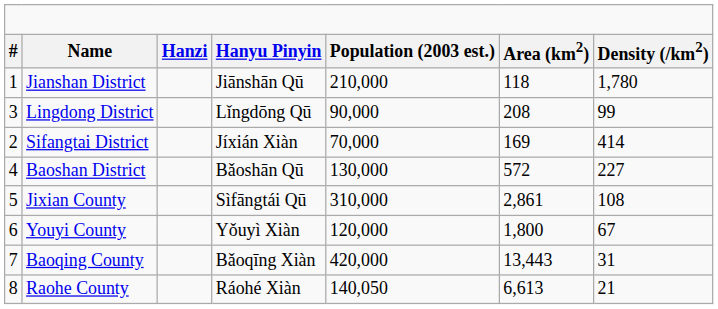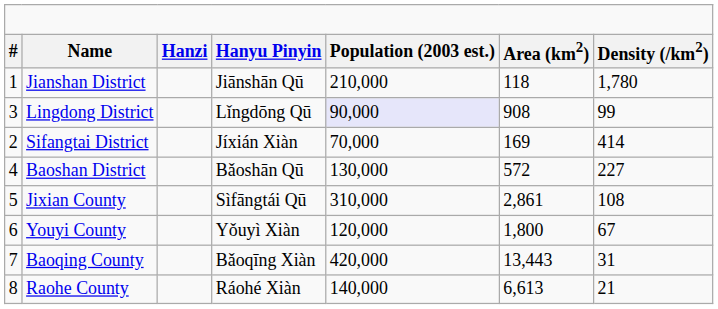 <table class="wikitable"  style="font-size:90%;" align=center>
 <tr>
 <td colspan="7" align="center"><div><br>           </div></td>
 </tr>
 <tr>
 <th>#</th>
 <th>Name</th>
 <th><a href='#'>Hanzi</a></th>
 <th><a href='#'>Hanyu Pinyin</a></th>
 <th>Population (2003 est.)</th>
 <th>Area (km<sup>2</sup>)</th>
 <th>Density (/km<sup>2</sup>)</th>
 </tr>
 <tr --------->
 <td>1</td>
 <td><a href='#'>Jianshan District</a></td>
 <td></td>
 <td>Jiānshān Qū</td>
 <td>210,000</td>
 <td>118</td>
 <td>1,780</td>
 </tr>
 <tr --------->
 <td>3</td>
 <td><a href='#'>Lingdong District</a></td>
 <td></td>
 <td>Lǐngdōng Qū</td>
-<td>90,000</td>
-<td>208</td>
+<td style="background: lavender;">90,000</td>
+<td>908</td>
 <td>99</td>
 </tr>
 <tr --------->
 <td>2</td>
 <td><a href='#'>Sifangtai District</a></td>
 <td></td>
 <td>Jíxián Xiàn</td>
 <td>70,000</td>
 <td>169</td>
 <td>414</td>
 </tr>
 <tr --------->
 <td>4</td>
 <td><a href='#'>Baoshan District</a></td>
 <td></td>
 <td>Bǎoshān Qū</td>
 <td>130,000</td>
 <td>572</td>
 <td>227</td>
 </tr>
 <tr --------->
 <td>5</td>
 <td><a href='#'>Jixian County</a></td>
 <td></td>
 <td>Sìfāngtái Qū</td>
 <td>310,000</td>
 <td>2,861</td>
 <td>108</td>
 </tr>
 <tr --------->
 <td>6</td>
 <td><a href='#'>Youyi County</a></td>
 <td></td>
 <td>Yǒuyì Xiàn</td>
 <td>120,000</td>
 <td>1,800</td>
 <td>67</td>
 </tr>
 <tr --------->
 <td>7</td>
 <td><a href='#'>Baoqing County</a></td>
 <td></td>
 <td>Bǎoqīng Xiàn</td>
 <td>420,000</td>
 <td>13,443</td>
 <td>31</td>
 </tr>
 <tr --------->
 <td>8</td>
 <td><a href='#'>Raohe County</a></td>
 <td></td>
 <td>Ráohé Xiàn</td>
-<td>140,050</td>
+<td>140,000</td>
 <td>6,613</td>
 <td>21</td>
 </tr>
 </table>
